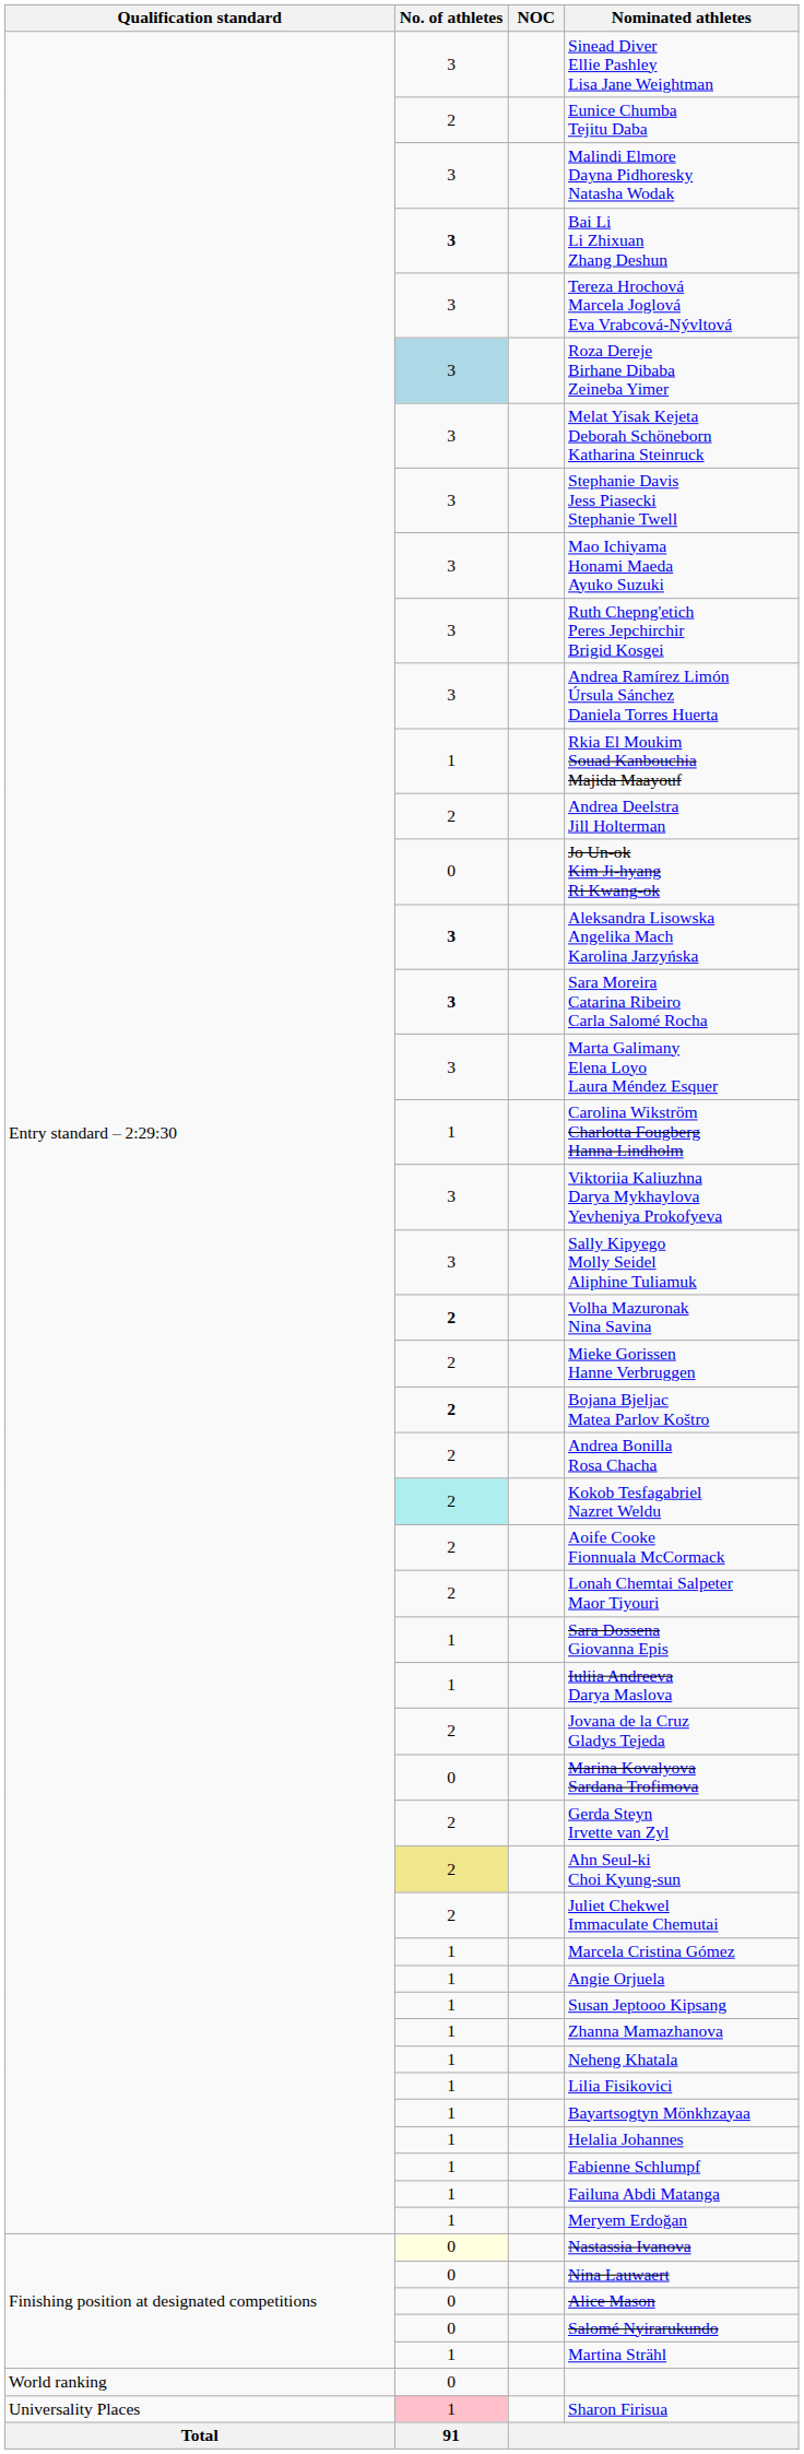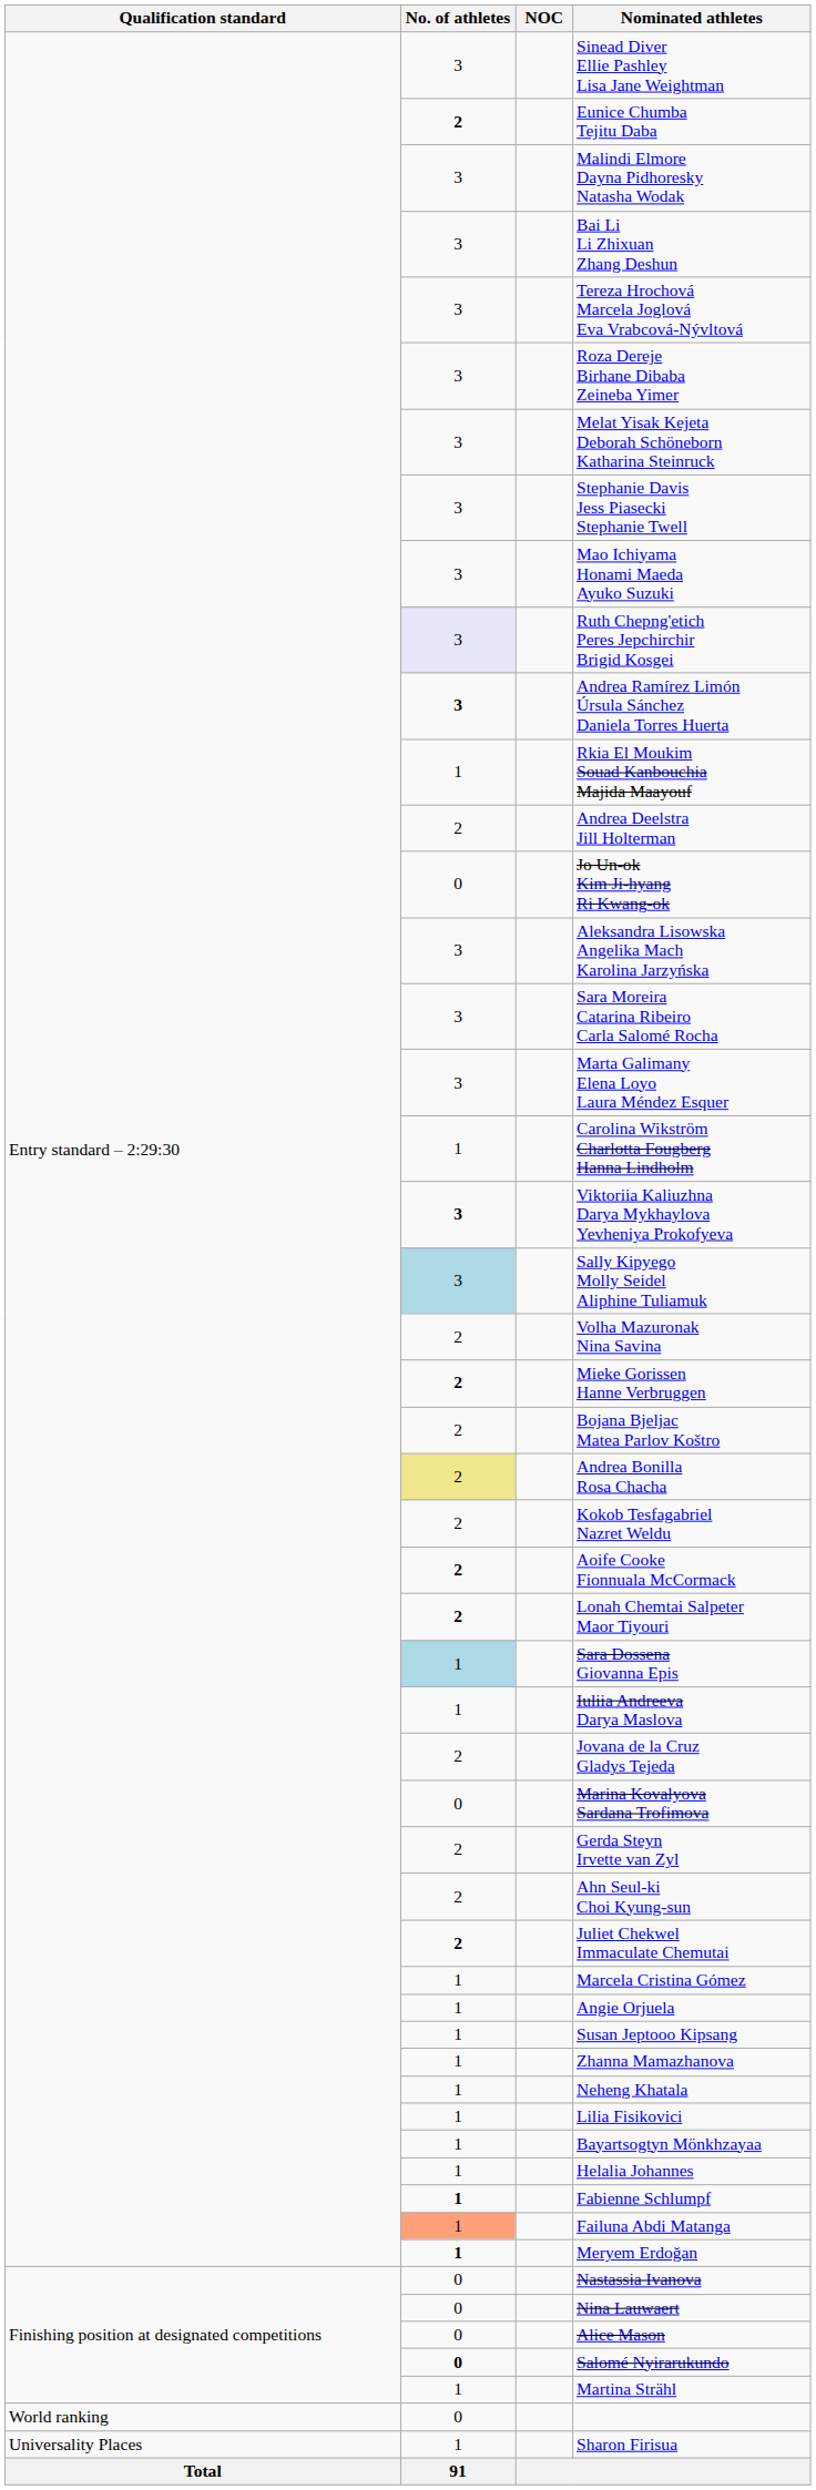 <table class="wikitable" style="text-align:left; width:750px;">
 <tr>
 <th>Qualification standard</th>
 <th width=100>No. of athletes</th>
 <th>NOC</th>
 <th>Nominated athletes</th>
 </tr>
 <tr>
 <td rowspan=45>Entry standard – 2:29:30</td>
 <td align=center>3</td>
 <td></td>
 <td><a href='#'>Sinead Diver</a><br><a href='#'>Ellie Pashley</a><br><a href='#'>Lisa Jane Weightman</a></td>
 </tr>
 <tr>
-<td align=center>2</td>
+<td align=center><strong>2</strong></td>
 <td></td>
 <td><a href='#'>Eunice Chumba</a><br><a href='#'>Tejitu Daba</a><br></td>
 </tr>
 <tr>
 <td align=center>3</td>
 <td></td>
 <td><a href='#'>Malindi Elmore</a><br><a href='#'>Dayna Pidhoresky</a><br><a href='#'>Natasha Wodak</a></td>
 </tr>
 <tr>
-<td align=center><strong>3</strong></td>
+<td align=center>3</td>
 <td></td>
 <td><a href='#'>Bai Li</a><br><a href='#'>Li Zhixuan</a><br><a href='#'>Zhang Deshun</a></td>
 </tr>
 <tr>
 <td align=center>3</td>
 <td></td>
 <td><a href='#'>Tereza Hrochová</a><br><a href='#'>Marcela Joglová</a><br><a href='#'>Eva Vrabcová-Nývltová</a></td>
 </tr>
 <tr>
-<td align=center style="background: lightblue;">3</td>
+<td align=center>3</td>
 <td></td>
 <td><a href='#'>Roza Dereje</a><br><a href='#'>Birhane Dibaba</a><br><a href='#'>Zeineba Yimer</a></td>
 </tr>
 <tr>
 <td align=center>3</td>
 <td></td>
 <td><a href='#'>Melat Yisak Kejeta</a><br><a href='#'>Deborah Schöneborn</a><br><a href='#'>Katharina Steinruck</a></td>
 </tr>
 <tr>
 <td align=center>3</td>
 <td></td>
 <td><a href='#'>Stephanie Davis</a><br><a href='#'>Jess Piasecki</a><br><a href='#'>Stephanie Twell</a></td>
 </tr>
 <tr>
 <td align=center>3</td>
 <td></td>
 <td><a href='#'>Mao Ichiyama</a><br><a href='#'>Honami Maeda</a><br><a href='#'>Ayuko Suzuki</a></td>
 </tr>
 <tr>
-<td align=center>3</td>
+<td align=center style="background: lavender;">3</td>
 <td></td>
 <td><a href='#'>Ruth Chepng'etich</a><br><a href='#'>Peres Jepchirchir</a><br><a href='#'>Brigid Kosgei</a></td>
 </tr>
 <tr>
-<td align=center>3</td>
+<td align=center><strong>3</strong></td>
 <td></td>
 <td><a href='#'>Andrea Ramírez Limón</a><br><a href='#'>Úrsula Sánchez</a><br><a href='#'>Daniela Torres Huerta</a></td>
 </tr>
 <tr>
 <td align=center>1</td>
 <td></td>
 <td><a href='#'>Rkia El Moukim</a><br><s><a href='#'>Souad Kanbouchia</a><br>Majida Maayouf</s></td>
 </tr>
 <tr>
 <td align=center>2</td>
 <td></td>
 <td><a href='#'>Andrea Deelstra</a><br><a href='#'>Jill Holterman</a><br><s></s></td>
 </tr>
 <tr>
 <td align=center>0</td>
 <td><s> </s></td>
 <td><s>Jo Un-ok<br><a href='#'>Kim Ji-hyang</a><br><a href='#'>Ri Kwang-ok</a></s></td>
 </tr>
 <tr>
-<td align=center><strong>3</strong></td>
+<td align=center>3</td>
 <td></td>
 <td><a href='#'>Aleksandra Lisowska</a><br><a href='#'>Angelika Mach</a><br><a href='#'>Karolina Jarzyńska</a></td>
 </tr>
 <tr>
-<td align=center><strong>3</strong></td>
+<td align=center>3</td>
 <td></td>
 <td><a href='#'>Sara Moreira</a><br><a href='#'>Catarina Ribeiro</a><br><a href='#'>Carla Salomé Rocha</a></td>
 </tr>
 <tr>
 <td align=center>3</td>
 <td></td>
 <td><a href='#'>Marta Galimany</a><br><a href='#'>Elena Loyo</a><br><a href='#'>Laura Méndez Esquer</a></td>
 </tr>
 <tr>
 <td align=center>1</td>
 <td></td>
 <td><a href='#'>Carolina Wikström</a><br><s><a href='#'>Charlotta Fougberg</a><br><a href='#'>Hanna Lindholm</a></s></td>
 </tr>
 <tr>
-<td align=center>3</td>
+<td align=center><strong>3</strong></td>
 <td></td>
 <td><a href='#'>Viktoriia Kaliuzhna</a><br><a href='#'>Darya Mykhaylova</a><br><a href='#'>Yevheniya Prokofyeva</a></td>
 </tr>
 <tr>
-<td align=center>3</td>
+<td align=center style="background: lightblue;">3</td>
 <td></td>
 <td><a href='#'>Sally Kipyego</a><br> <a href='#'>Molly Seidel</a><br> <a href='#'>Aliphine Tuliamuk</a></td>
 </tr>
 <tr>
-<td align=center><strong>2</strong></td>
+<td align=center>2</td>
 <td></td>
 <td><a href='#'>Volha Mazuronak</a><br><a href='#'>Nina Savina</a></td>
 </tr>
 <tr>
-<td align=center>2</td>
+<td align=center><strong>2</strong></td>
 <td></td>
 <td><a href='#'>Mieke Gorissen</a><br><a href='#'>Hanne Verbruggen</a></td>
 </tr>
 <tr>
-<td align=center><strong>2</strong></td>
+<td align=center>2</td>
 <td></td>
 <td><a href='#'>Bojana Bjeljac</a><br><a href='#'>Matea Parlov Koštro</a></td>
 </tr>
 <tr>
-<td align=center>2</td>
+<td align=center style="background: khaki;">2</td>
 <td></td>
 <td><a href='#'>Andrea Bonilla</a><br><a href='#'>Rosa Chacha</a></td>
 </tr>
 <tr>
-<td align=center style="background: paleturquoise;">2</td>
+<td align=center>2</td>
 <td></td>
 <td><a href='#'>Kokob Tesfagabriel</a><br><a href='#'>Nazret Weldu</a></td>
 </tr>
 <tr>
-<td align=center>2</td>
+<td align=center><strong>2</strong></td>
 <td></td>
 <td><a href='#'>Aoife Cooke</a><br><a href='#'>Fionnuala McCormack</a></td>
 </tr>
 <tr>
-<td align=center>2</td>
+<td align=center><strong>2</strong></td>
 <td></td>
 <td><a href='#'>Lonah Chemtai Salpeter</a><br><a href='#'>Maor Tiyouri</a></td>
 </tr>
 <tr>
-<td align=center>1</td>
+<td align=center style="background: lightblue;">1</td>
 <td></td>
 <td><s><a href='#'>Sara Dossena</a></s><br><a href='#'>Giovanna Epis</a></td>
 </tr>
 <tr>
 <td align=center>1</td>
 <td></td>
 <td><s><a href='#'>Iuliia Andreeva</a></s><br><a href='#'>Darya Maslova</a></td>
 </tr>
 <tr>
 <td align=center>2</td>
 <td></td>
 <td><a href='#'>Jovana de la Cruz</a><br><a href='#'>Gladys Tejeda</a></td>
 </tr>
 <tr>
 <td align=center>0</td>
 <td></td>
 <td><s><a href='#'>Marina Kovalyova</a></s><br><s><a href='#'>Sardana Trofimova</a></s><br></td>
 </tr>
 <tr>
 <td align=center>2</td>
 <td></td>
 <td><a href='#'>Gerda Steyn</a><br><a href='#'>Irvette van Zyl</a></td>
 </tr>
 <tr>
-<td align=center style="background: khaki;">2</td>
+<td align=center>2</td>
 <td></td>
 <td><a href='#'>Ahn Seul-ki</a><br><a href='#'>Choi Kyung-sun</a></td>
 </tr>
 <tr>
-<td align=center>2</td>
+<td align=center><strong>2</strong></td>
 <td></td>
 <td><a href='#'>Juliet Chekwel</a><br><a href='#'>Immaculate Chemutai</a></td>
 </tr>
 <tr>
 <td align=center>1</td>
 <td></td>
 <td><a href='#'>Marcela Cristina Gómez</a></td>
 </tr>
 <tr>
 <td align=center>1</td>
 <td></td>
 <td><a href='#'>Angie Orjuela</a></td>
 </tr>
 <tr>
 <td align=center>1</td>
 <td></td>
 <td><a href='#'>Susan Jeptooo Kipsang</a></td>
 </tr>
 <tr>
 <td align=center>1</td>
 <td></td>
 <td><a href='#'>Zhanna Mamazhanova</a></td>
 </tr>
 <tr>
 <td align=center>1</td>
 <td></td>
 <td><a href='#'>Neheng Khatala</a></td>
 </tr>
 <tr>
 <td align=center>1</td>
 <td></td>
 <td><a href='#'>Lilia Fisikovici</a></td>
 </tr>
 <tr>
 <td align=center>1</td>
 <td></td>
 <td><a href='#'>Bayartsogtyn Mönkhzayaa</a></td>
 </tr>
 <tr>
 <td align=center>1</td>
 <td></td>
 <td><a href='#'>Helalia Johannes</a></td>
 </tr>
 <tr>
-<td align=center>1</td>
+<td align=center><strong>1</strong></td>
 <td></td>
 <td><a href='#'>Fabienne Schlumpf</a></td>
 </tr>
 <tr>
-<td align=center>1</td>
+<td align=center style="background: lightsalmon;">1</td>
 <td></td>
 <td><a href='#'>Failuna Abdi Matanga</a></td>
 </tr>
 <tr>
-<td align=center>1</td>
+<td align=center><strong>1</strong></td>
 <td></td>
 <td><a href='#'>Meryem Erdoğan</a></td>
 </tr>
 <tr>
 <td rowspan=5>Finishing position at designated competitions</td>
-<td align=center style="background: lightyellow;">0</td>
+<td align=center>0</td>
 <td></td>
 <td><s><a href='#'>Nastassia Ivanova</a></s></td>
 </tr>
 <tr>
 <td align=center>0</td>
 <td></td>
 <td><s><a href='#'>Nina Lauwaert</a></s></td>
 </tr>
 <tr>
 <td align=center>0</td>
 <td></td>
 <td><s><a href='#'>Alice Mason</a></s></td>
 </tr>
 <tr>
-<td align=center>0</td>
+<td align=center><strong>0</strong></td>
 <td></td>
 <td><s><a href='#'>Salomé Nyirarukundo</a></s></td>
 </tr>
 <tr>
 <td align=center>1</td>
 <td></td>
 <td><a href='#'>Martina Strähl</a></td>
 </tr>
 <tr>
 <td>World ranking</td>
 <td align=center>0</td>
 <td></td>
 <td></td>
 </tr>
 <tr>
 <td>Universality Places</td>
-<td align=center style="background: pink;">1</td>
+<td align=center>1</td>
 <td></td>
 <td><a href='#'>Sharon Firisua</a></td>
 </tr>
 <tr>
 <th>Total</th>
 <th>91</th>
 <th colspan=2></th>
 </tr>
 </table>
